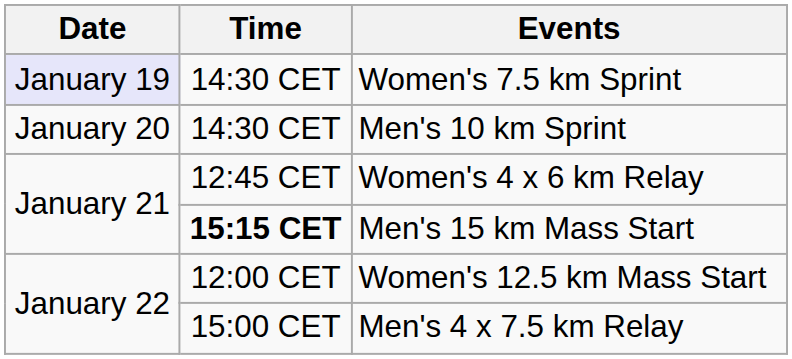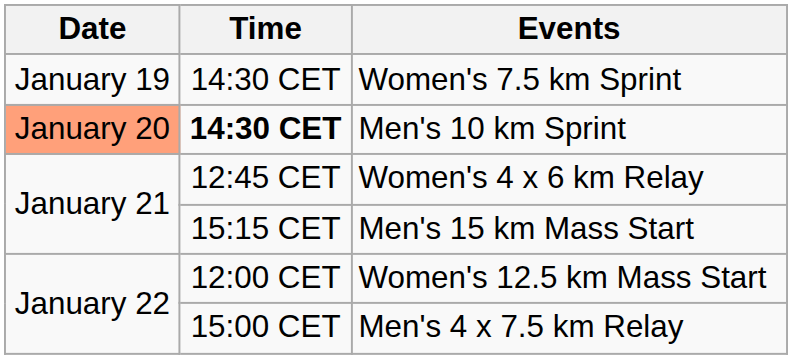 <table class="wikitable" style="text-align: center" width="400">
 <tr>
 <th>Date</th>
 <th>Time</th>
 <th>Events</th>
 </tr>
 <tr>
-<td style="background: lavender;">January 19</td>
+<td>January 19</td>
 <td>14:30 CET</td>
 <td style="text-align: left">Women's 7.5 km Sprint</td>
 </tr>
 <tr>
-<td>January 20</td>
-<td>14:30 CET</td>
+<td style="background: lightsalmon;">January 20</td>
+<td><strong>14:30 CET</strong></td>
 <td style="text-align: left">Men's 10 km Sprint</td>
 </tr>
 <tr>
 <td rowspan="2">January 21</td>
 <td>12:45 CET</td>
 <td style="text-align: left">Women's 4 x 6 km Relay</td>
 </tr>
 <tr>
-<td><strong>15:15 CET</strong></td>
+<td>15:15 CET</td>
 <td style="text-align: left">Men's 15 km Mass Start</td>
 </tr>
 <tr>
 <td rowspan="2">January 22</td>
 <td>12:00 CET</td>
 <td style="text-align: left">Women's 12.5 km Mass Start</td>
 </tr>
 <tr>
 <td>15:00 CET</td>
 <td style="text-align: left">Men's 4 x 7.5 km Relay</td>
 </tr>
 </table>
